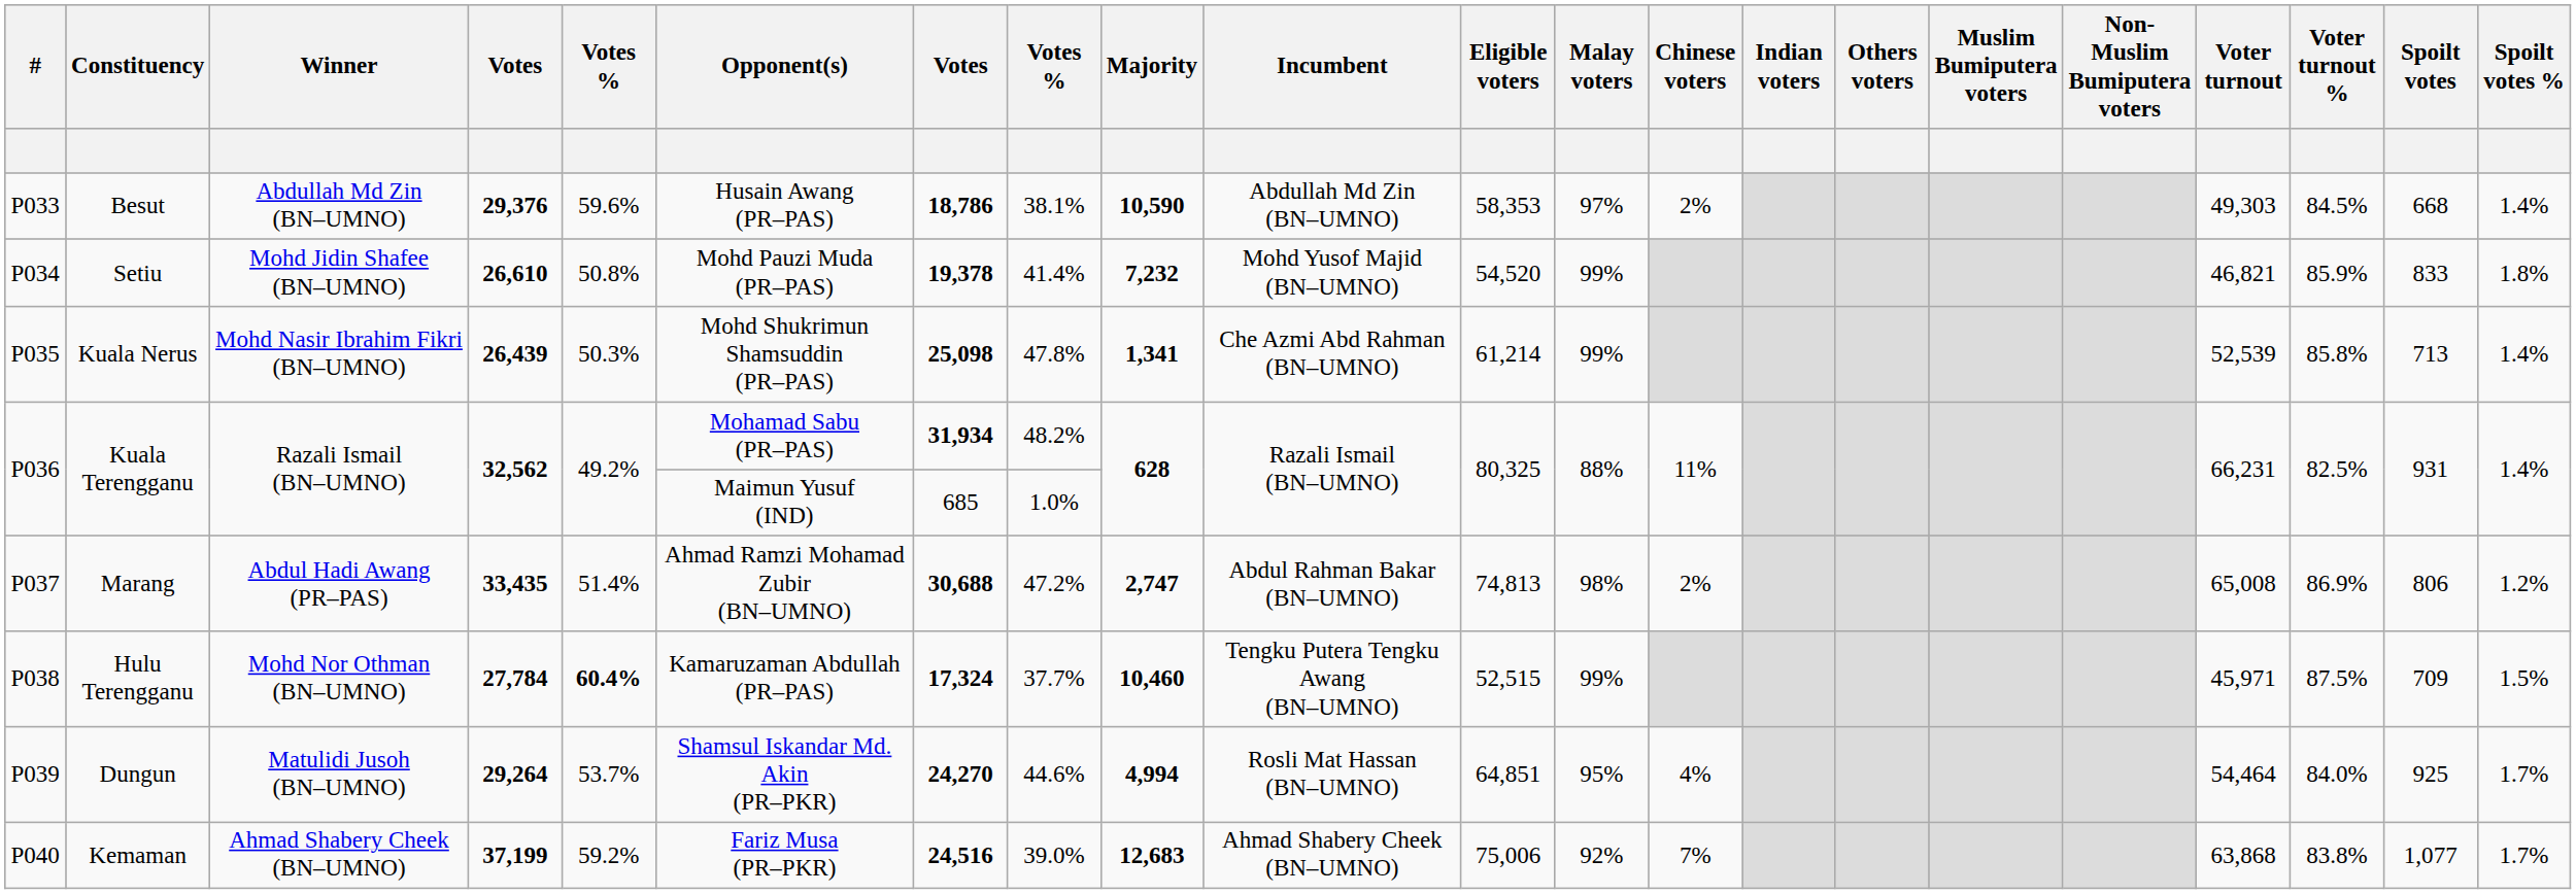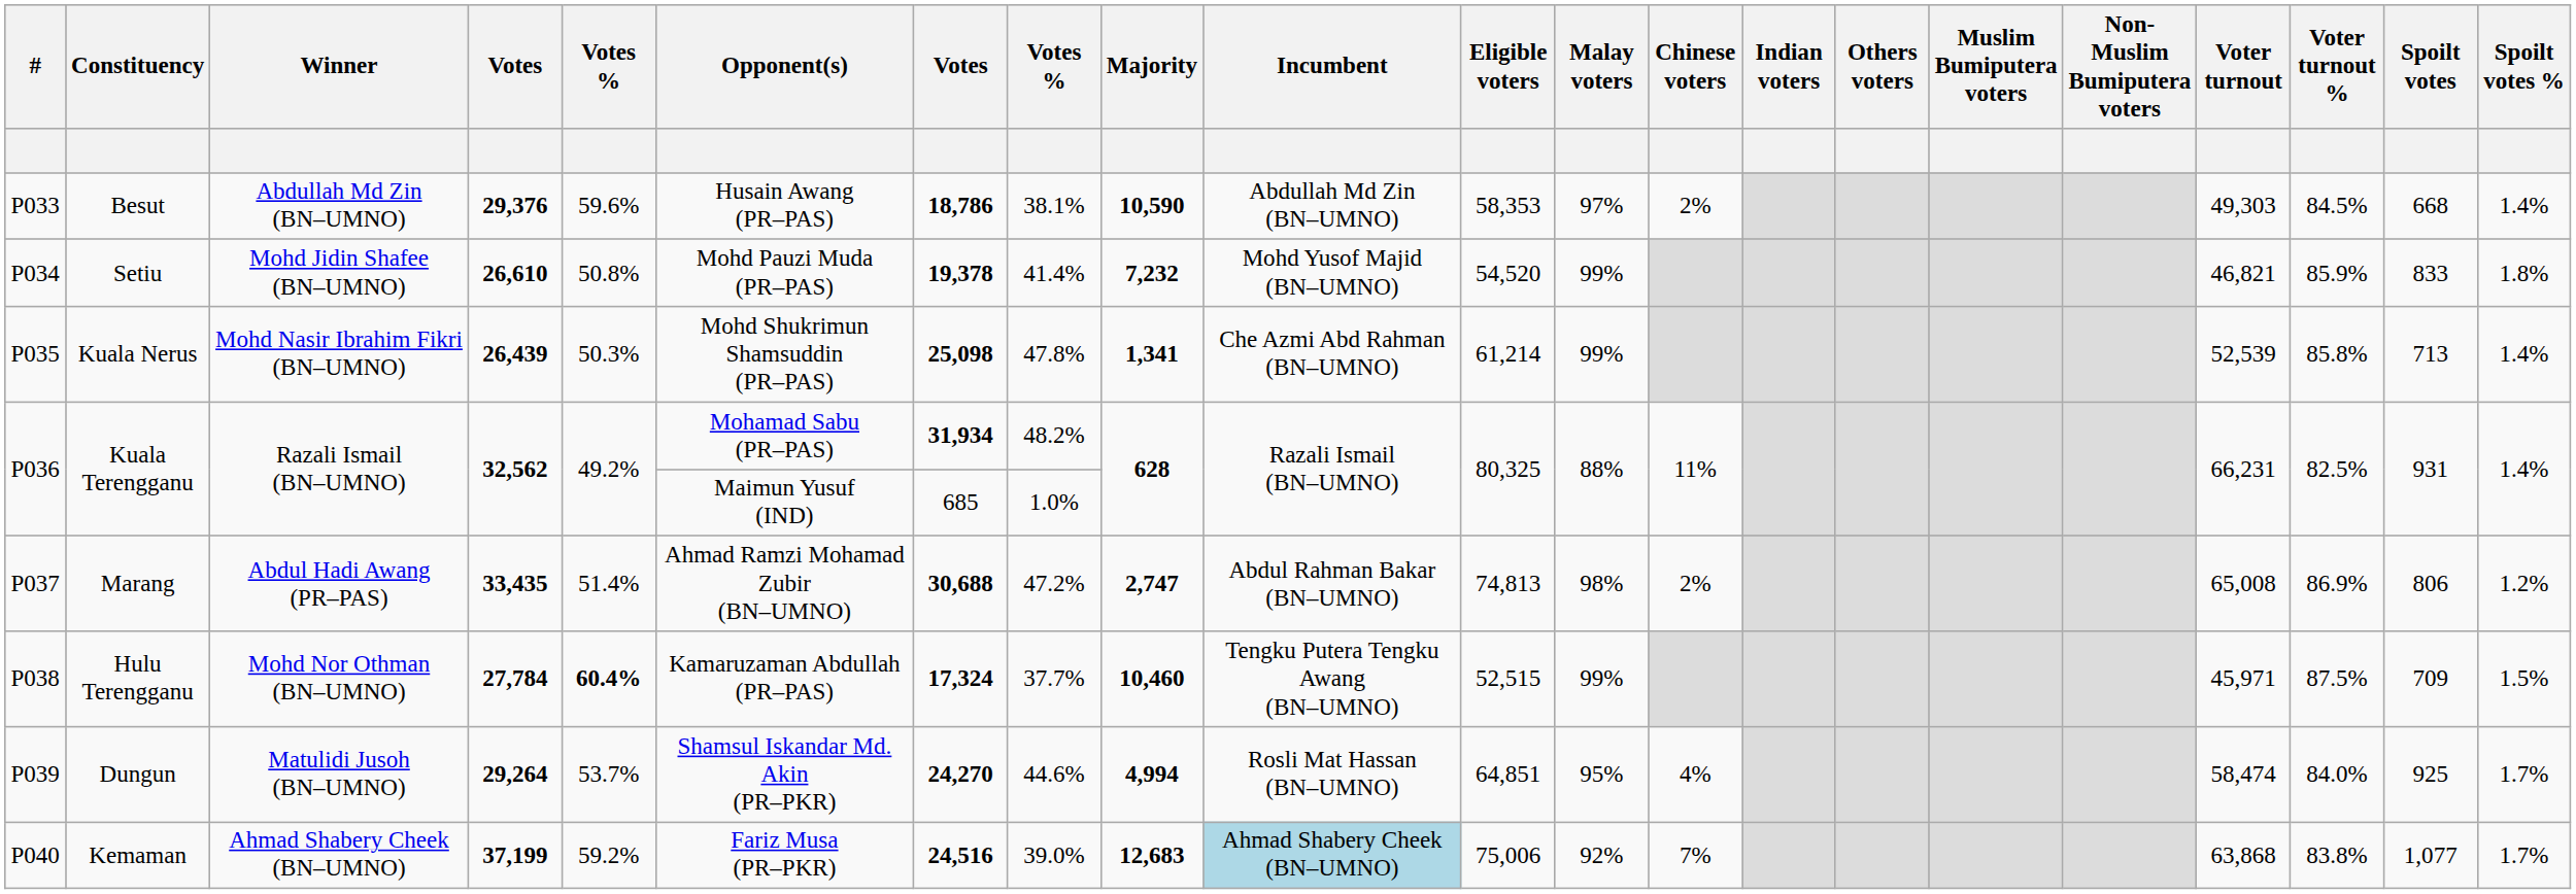 <table class="wikitable sortable" style="text-align:center; font-size:90%">
 <tr>
 <th width="30">#</th>
 <th width="60">Constituency</th>
 <th width="150">Winner</th>
 <th width="50">Votes</th>
 <th width="50">Votes %</th>
 <th width="150">Opponent(s)</th>
 <th width="50">Votes</th>
 <th width="50">Votes %</th>
 <th width="50">Majority</th>
 <th width="150">Incumbent</th>
 <th width="50">Eligible voters</th>
 <th width="50">Malay voters</th>
 <th width="50">Chinese voters</th>
 <th width="50">Indian voters</th>
 <th width="50">Others voters</th>
 <th width="50">Muslim Bumiputera voters</th>
 <th width="50">Non-Muslim Bumiputera voters</th>
 <th width="50">Voter turnout</th>
 <th width="50">Voter turnout %</th>
 <th width="50">Spoilt votes</th>
 <th width="50">Spoilt votes %</th>
 </tr>
 <tr>
 <th height="20"></th>
 <th></th>
 <th></th>
 <th></th>
 <th></th>
 <th></th>
 <th></th>
 <th></th>
 <th></th>
 <th></th>
 <th></th>
 <th></th>
 <th></th>
 <th></th>
 <th></th>
 <th></th>
 <th></th>
 <th></th>
 <th></th>
 <th></th>
 <th></th>
 </tr>
 <tr>
 <td>P033</td>
 <td>Besut</td>
 <td><a href='#'>Abdullah Md Zin</a><br>(BN–UMNO)</td>
 <td><strong>29,376</strong></td>
 <td>59.6%</td>
 <td>Husain Awang<br>(PR–PAS)</td>
 <td><strong>18,786</strong></td>
 <td>38.1%</td>
 <td><strong>10,590</strong></td>
 <td>Abdullah Md Zin<br>(BN–UMNO)</td>
 <td>58,353</td>
 <td>97%</td>
 <td>2%</td>
 <td bgcolor="dcdcdc"></td>
 <td bgcolor="dcdcdc"></td>
 <td bgcolor="dcdcdc"></td>
 <td bgcolor="dcdcdc"></td>
 <td>49,303</td>
 <td>84.5%</td>
 <td>668</td>
 <td>1.4%</td>
 </tr>
 <tr>
 <td>P034</td>
 <td>Setiu</td>
 <td><a href='#'>Mohd Jidin Shafee</a><br>(BN–UMNO)</td>
 <td><strong>26,610</strong></td>
 <td>50.8%</td>
 <td>Mohd Pauzi Muda<br>(PR–PAS)</td>
 <td><strong>19,378</strong></td>
 <td>41.4%</td>
 <td><strong>7,232</strong></td>
 <td>Mohd Yusof Majid<br>(BN–UMNO)</td>
 <td>54,520</td>
 <td>99%</td>
 <td bgcolor="dcdcdc"></td>
 <td bgcolor="dcdcdc"></td>
 <td bgcolor="dcdcdc"></td>
 <td bgcolor="dcdcdc"></td>
 <td bgcolor="dcdcdc"></td>
 <td>46,821</td>
 <td>85.9%</td>
 <td>833</td>
 <td>1.8%</td>
 </tr>
 <tr>
 <td>P035</td>
 <td>Kuala Nerus</td>
 <td><a href='#'>Mohd Nasir Ibrahim Fikri</a><br>(BN–UMNO)</td>
 <td><strong>26,439</strong></td>
 <td>50.3%</td>
 <td>Mohd Shukrimun Shamsuddin<br>(PR–PAS)</td>
 <td><strong>25,098</strong></td>
 <td>47.8%</td>
 <td><strong>1,341</strong></td>
 <td>Che Azmi Abd Rahman<br>(BN–UMNO)</td>
 <td>61,214</td>
 <td>99%</td>
 <td bgcolor="dcdcdc"></td>
 <td bgcolor="dcdcdc"></td>
 <td bgcolor="dcdcdc"></td>
 <td bgcolor="dcdcdc"></td>
 <td bgcolor="dcdcdc"></td>
 <td>52,539</td>
 <td>85.8%</td>
 <td>713</td>
 <td>1.4%</td>
 </tr>
 <tr>
 <td rowspan="2">P036</td>
 <td rowspan="2">Kuala Terengganu</td>
 <td rowspan="2">Razali Ismail<br>(BN–UMNO)</td>
 <td rowspan="2"><strong>32,562</strong></td>
 <td rowspan="2">49.2%</td>
 <td><a href='#'>Mohamad Sabu</a><br>(PR–PAS)</td>
 <td><strong>31,934</strong></td>
 <td>48.2%</td>
 <td rowspan="2"><strong>628</strong></td>
 <td rowspan="2">Razali Ismail<br>(BN–UMNO)</td>
 <td rowspan="2">80,325</td>
 <td rowspan="2">88%</td>
 <td rowspan="2">11%</td>
 <td rowspan="2" bgcolor="dcdcdc"></td>
 <td rowspan="2" bgcolor="dcdcdc"></td>
 <td rowspan="2" bgcolor="dcdcdc"></td>
 <td rowspan="2" bgcolor="dcdcdc"></td>
 <td rowspan="2">66,231</td>
 <td rowspan="2">82.5%</td>
 <td rowspan="2">931</td>
 <td rowspan="2">1.4%</td>
 </tr>
 <tr>
 <td>Maimun Yusuf<br>(IND)</td>
 <td>685</td>
 <td>1.0%</td>
 </tr>
 <tr>
 <td>P037</td>
 <td>Marang</td>
 <td><a href='#'>Abdul Hadi Awang</a><br>(PR–PAS)</td>
 <td><strong>33,435</strong></td>
 <td>51.4%</td>
 <td>Ahmad Ramzi Mohamad Zubir<br>(BN–UMNO)</td>
 <td><strong>30,688</strong></td>
 <td>47.2%</td>
 <td><strong>2,747</strong></td>
 <td>Abdul Rahman Bakar<br>(BN–UMNO)</td>
 <td>74,813</td>
 <td>98%</td>
 <td>2%</td>
 <td bgcolor="dcdcdc"></td>
 <td bgcolor="dcdcdc"></td>
 <td bgcolor="dcdcdc"></td>
 <td bgcolor="dcdcdc"></td>
 <td>65,008</td>
 <td>86.9%</td>
 <td>806</td>
 <td>1.2%</td>
 </tr>
 <tr>
 <td>P038</td>
 <td>Hulu Terengganu</td>
 <td><a href='#'>Mohd Nor Othman</a><br>(BN–UMNO)</td>
 <td><strong>27,784</strong></td>
 <td><strong>60.4%</strong></td>
 <td>Kamaruzaman Abdullah<br>(PR–PAS)</td>
 <td><strong>17,324</strong></td>
 <td>37.7%</td>
 <td><strong>10,460</strong></td>
 <td>Tengku Putera Tengku Awang<br>(BN–UMNO)</td>
 <td>52,515</td>
 <td>99%</td>
 <td bgcolor="dcdcdc"></td>
 <td bgcolor="dcdcdc"></td>
 <td bgcolor="dcdcdc"></td>
 <td bgcolor="dcdcdc"></td>
 <td bgcolor="dcdcdc"></td>
 <td>45,971</td>
 <td>87.5%</td>
 <td>709</td>
 <td>1.5%</td>
 </tr>
 <tr>
 <td>P039</td>
 <td>Dungun</td>
 <td><a href='#'>Matulidi Jusoh</a><br>(BN–UMNO)</td>
 <td><strong>29,264</strong></td>
 <td>53.7%</td>
 <td><a href='#'>Shamsul Iskandar Md. Akin</a><br>(PR–PKR)</td>
 <td><strong>24,270</strong></td>
 <td>44.6%</td>
 <td><strong>4,994</strong></td>
 <td>Rosli Mat Hassan<br>(BN–UMNO)</td>
 <td>64,851</td>
 <td>95%</td>
 <td>4%</td>
 <td bgcolor="dcdcdc"></td>
 <td bgcolor="dcdcdc"></td>
 <td bgcolor="dcdcdc"></td>
 <td bgcolor="dcdcdc"></td>
-<td>54,464</td>
+<td>58,474</td>
 <td>84.0%</td>
 <td>925</td>
 <td>1.7%</td>
 </tr>
 <tr>
 <td>P040</td>
 <td>Kemaman</td>
 <td><a href='#'>Ahmad Shabery Cheek</a><br>(BN–UMNO)</td>
 <td><strong>37,199</strong></td>
 <td>59.2%</td>
 <td><a href='#'>Fariz Musa</a><br>(PR–PKR)</td>
 <td><strong>24,516</strong></td>
 <td>39.0%</td>
 <td><strong>12,683</strong></td>
-<td>Ahmad Shabery Cheek<br>(BN–UMNO)</td>
+<td style="background: lightblue;">Ahmad Shabery Cheek<br>(BN–UMNO)</td>
 <td>75,006</td>
 <td>92%</td>
 <td>7%</td>
 <td bgcolor="dcdcdc"></td>
 <td bgcolor="dcdcdc"></td>
 <td bgcolor="dcdcdc"></td>
 <td bgcolor="dcdcdc"></td>
 <td>63,868</td>
 <td>83.8%</td>
 <td>1,077</td>
 <td>1.7%</td>
 </tr>
 </table>
